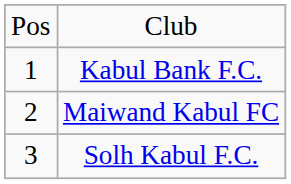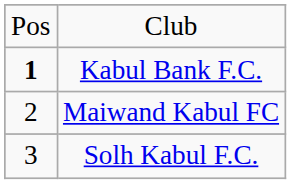 <table class="wikitable" style="text-align: center;">
 <tr>
 <td>Pos</td>
 <td>Club</td>
 </tr>
 <tr>
-<td>1</td>
+<td><strong>1</strong></td>
 <td><a href='#'>Kabul Bank F.C.</a></td>
 </tr>
 <tr>
 <td>2</td>
 <td><a href='#'>Maiwand Kabul FC</a></td>
 </tr>
 <tr>
 <td>3</td>
 <td><a href='#'>Solh Kabul F.C.</a></td>
 </tr>
 </table>
